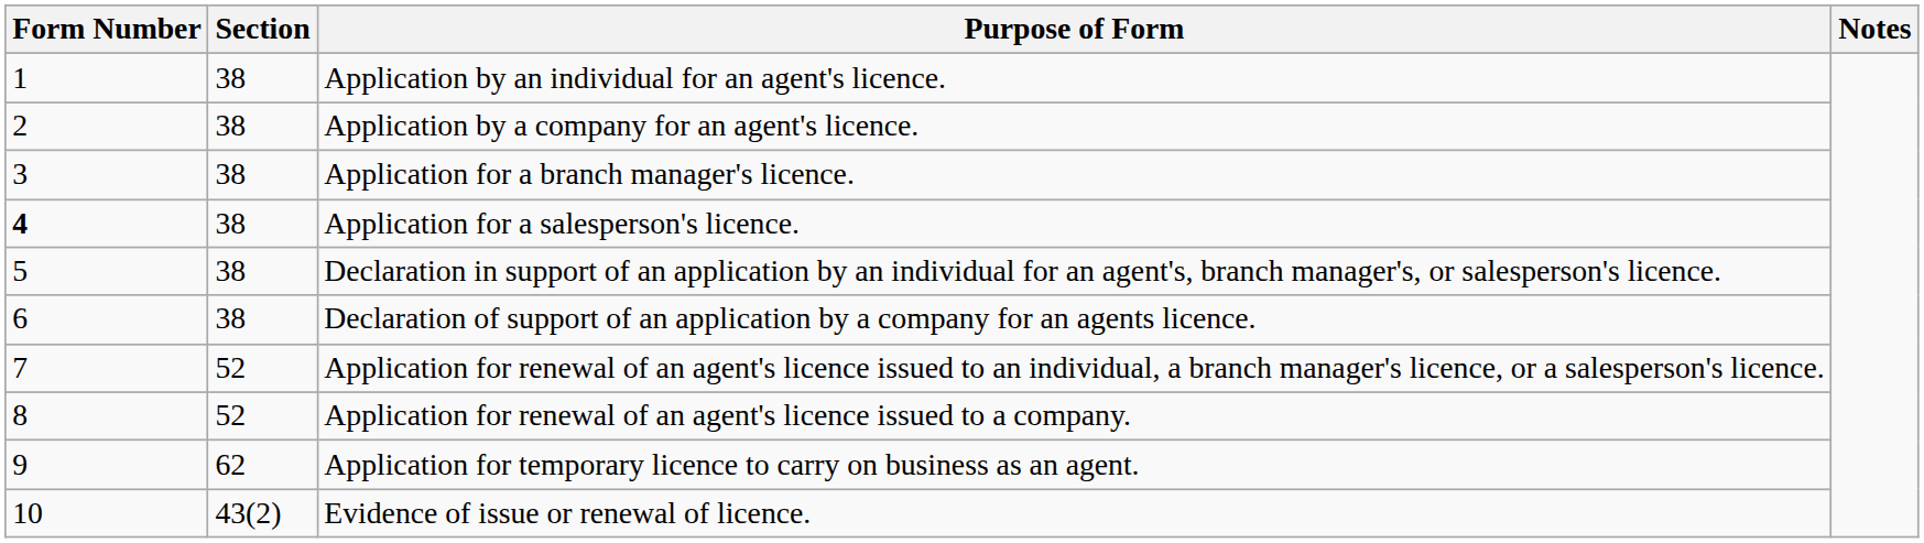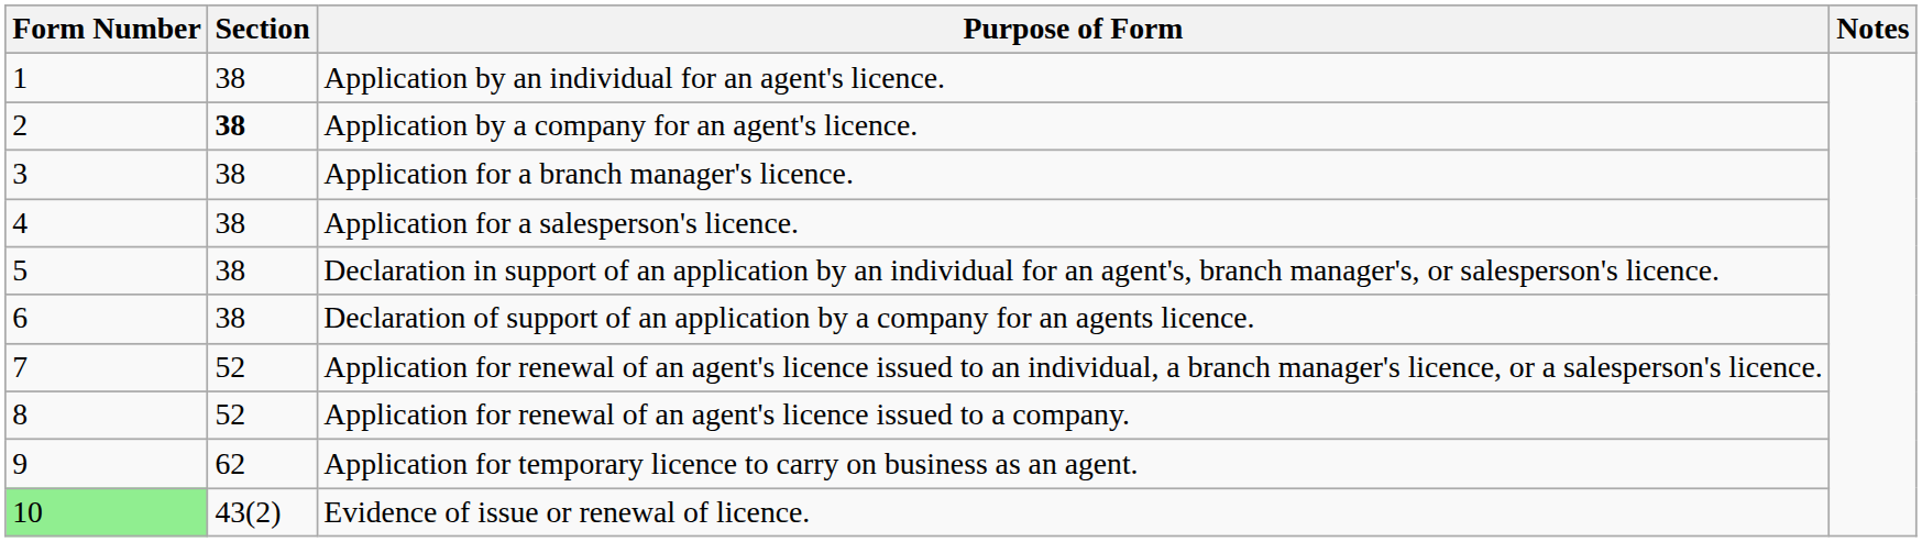 <table class= "wikitable">
 <tr>
 <th>Form Number</th>
 <th>Section</th>
 <th>Purpose of Form</th>
 <th>Notes</th>
 </tr>
 <tr>
 <td>1</td>
 <td>38</td>
 <td>Application by an individual for an agent's licence.</td>
 <td rowspan="10"></td>
 </tr>
 <tr>
 <td>2</td>
-<td>38</td>
+<td><strong>38</strong></td>
 <td>Application by a company for an agent's licence.</td>
 </tr>
 <tr>
 <td>3</td>
 <td>38</td>
 <td>Application for a branch manager's licence.</td>
 </tr>
 <tr>
-<td><strong>4</strong></td>
+<td>4</td>
 <td>38</td>
 <td>Application for a salesperson's licence.</td>
 </tr>
 <tr>
 <td>5</td>
 <td>38</td>
 <td>Declaration in support of an application by an individual for an agent's, branch manager's, or salesperson's licence.</td>
 </tr>
 <tr>
 <td>6</td>
 <td>38</td>
 <td>Declaration of support of an application by a company for an agents licence.</td>
 </tr>
 <tr>
 <td>7</td>
 <td>52</td>
 <td>Application for renewal of an agent's licence issued to an individual, a branch manager's licence, or a salesperson's licence.</td>
 </tr>
 <tr>
 <td>8</td>
 <td>52</td>
 <td>Application for renewal of an agent's licence issued to a company.</td>
 </tr>
 <tr>
 <td>9</td>
 <td>62</td>
 <td>Application for temporary licence to carry on business as an agent.</td>
 </tr>
 <tr>
-<td>10</td>
+<td style="background: lightgreen;">10</td>
 <td>43(2)</td>
 <td>Evidence of issue or renewal of licence.</td>
 </tr>
 </table>
